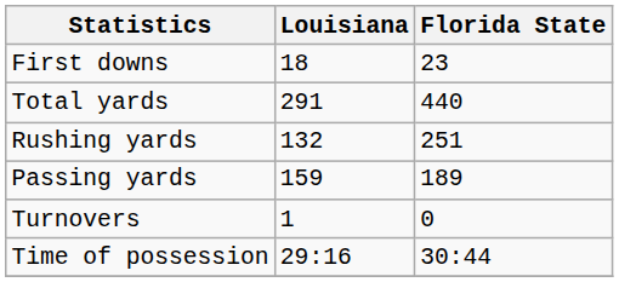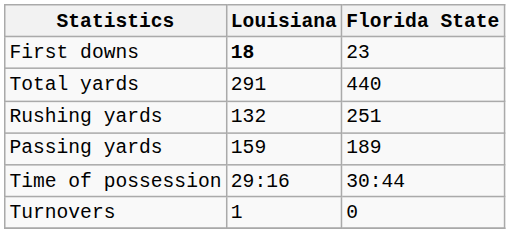 <table class="wikitable">
 <tr>
 <th>Statistics</th>
 <th>Louisiana</th>
 <th>Florida State</th>
 </tr>
 <tr>
 <td>First downs</td>
-<td>18</td>
+<td><strong>18</strong></td>
 <td>23</td>
 </tr>
 <tr>
 <td>Total yards</td>
 <td>291</td>
 <td>440</td>
 </tr>
 <tr>
 <td>Rushing yards</td>
 <td>132</td>
 <td>251</td>
 </tr>
 <tr>
 <td>Passing yards</td>
 <td>159</td>
 <td>189</td>
 </tr>
 <tr>
+<td>Time of possession</td>
+<td>29:16</td>
+<td>30:44</td>
+</tr>
+<tr>
 <td>Turnovers</td>
 <td>1</td>
 <td>0</td>
 </tr>
 <tr>
-<td>Time of possession</td>
-<td>29:16</td>
-<td>30:44</td>
-</tr>
-<tr>
 </tr>
 </table>
